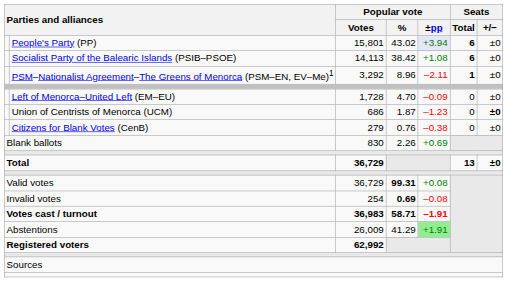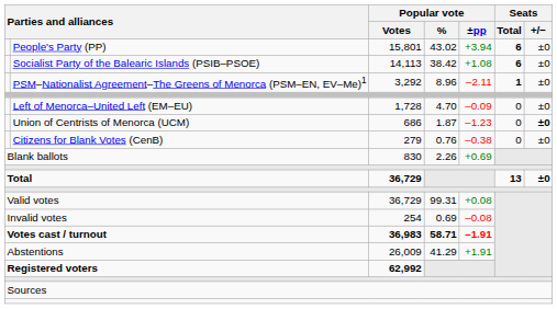 <table class="wikitable" style="text-align:right;">
 <tr>
 <th style="text-align:left;" rowspan="2" colspan="2" width="525">Parties and alliances</th>
 <th colspan="3">Popular vote</th>
 <th colspan="2">Seats</th>
 </tr>
 <tr>
 <th width="75">Votes</th>
 <th width="45">%</th>
 <th width="45">±<a href='#'>pp</a></th>
 <th width="35">Total</th>
 <th width="35">+/−</th>
 </tr>
 <tr>
 <td width="1" style="color:inherit;background:"></td>
 <td align="left"><a href='#'>People's Party</a> (PP)</td>
 <td>15,801</td>
 <td>43.02</td>
-<td style="background: lavender; color:green;">+3.94</td>
+<td style="color:green;">+3.94</td>
 <td><strong>6</strong></td>
 <td>±0</td>
 </tr>
 <tr>
 <td style="color:inherit;background:"></td>
 <td align="left"><a href='#'>Socialist Party of the Balearic Islands</a> (PSIB–PSOE)</td>
 <td>14,113</td>
 <td>38.42</td>
 <td style="color:green;">+1.08</td>
 <td><strong>6</strong></td>
 <td>±0</td>
 </tr>
 <tr>
 <td style="color:inherit;background:"></td>
 <td align="left"><a href='#'>PSM</a>–<a href='#'>Nationalist Agreement</a>–<a href='#'>The Greens of Menorca</a> (PSM–EN, EV–Me)<sup>1</sup></td>
 <td>3,292</td>
 <td>8.96</td>
 <td style="color:red;">–2.11</td>
 <td><strong>1</strong></td>
 <td>±0</td>
 </tr>
 <tr>
 <td colspan="7" bgcolor="#C0C0C0"></td>
 </tr>
 <tr>
 <td style="color:inherit;background:"></td>
 <td align="left"><a href='#'>Left of Menorca–United Left</a> (EM–EU)</td>
 <td>1,728</td>
 <td>4.70</td>
 <td style="color:red;">–0.09</td>
 <td>0</td>
 <td>±0</td>
 </tr>
 <tr>
 <td style="color:inherit;background:"></td>
 <td align="left">Union of Centrists of Menorca (UCM)</td>
 <td>686</td>
 <td>1.87</td>
 <td style="color:red;">–1.23</td>
 <td>0</td>
 <td><strong>±0</strong></td>
 </tr>
 <tr>
 <td style="color:inherit;background:"></td>
 <td align="left"><a href='#'>Citizens for Blank Votes</a> (CenB)</td>
 <td>279</td>
 <td>0.76</td>
 <td style="color:red;">–0.38</td>
 <td>0</td>
 <td>±0</td>
 </tr>
 <tr>
 <td align="left" colspan="2">Blank ballots</td>
 <td>830</td>
 <td>2.26</td>
 <td style="color:green;">+0.69</td>
 <td bgcolor="#E9E9E9" colspan="2"></td>
 </tr>
 <tr>
 <td colspan="7" bgcolor="#E9E9E9"></td>
 </tr>
 <tr style="font-weight:bold;">
 <td align="left" colspan="2">Total</td>
 <td>36,729</td>
 <td bgcolor="#E9E9E9" colspan="2"></td>
 <td>13</td>
 <td>±0</td>
 </tr>
 <tr>
 <td colspan="7" bgcolor="#E9E9E9"></td>
 </tr>
 <tr>
 <td align="left" colspan="2">Valid votes</td>
 <td>36,729</td>
-<td><strong>99.31</strong></td>
+<td>99.31</td>
 <td style="color:green;">+0.08</td>
 <td bgcolor="#E9E9E9" colspan="2" rowspan="5"></td>
 </tr>
 <tr>
 <td align="left" colspan="2">Invalid votes</td>
 <td>254</td>
-<td><strong>0.69</strong></td>
+<td>0.69</td>
 <td style="color:red;">–0.08</td>
 </tr>
 <tr style="font-weight:bold;">
 <td align="left" colspan="2">Votes cast / turnout</td>
 <td>36,983</td>
 <td>58.71</td>
 <td style="color:red;">–1.91</td>
 </tr>
 <tr>
 <td align="left" colspan="2">Abstentions</td>
 <td>26,009</td>
 <td>41.29</td>
-<td style="background: lightgreen; color:green;">+1.91</td>
+<td style="color:green;">+1.91</td>
 </tr>
 <tr style="font-weight:bold;">
 <td align="left" colspan="2">Registered voters</td>
 <td>62,992</td>
 <td bgcolor="#E9E9E9" colspan="2"></td>
 </tr>
 <tr>
 <td colspan="7" bgcolor="#E9E9E9"></td>
 </tr>
 <tr>
 <td align="left" colspan="7">Sources</td>
 </tr>
 <tr>
 <td colspan="7" style="text-align:left; max-width:790px;"></td>
 </tr>
 </table>
